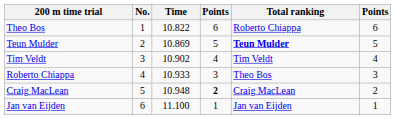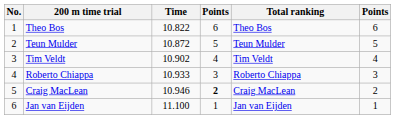 <table class="wikitable">
 <tr>
+<th width="20px">No.</th>
 <th width="200px">200 m time trial</th>
-<th width="20px">No.</th>
 <th width="70px">Time</th>
 <th width="40px">Points</th>
 <th width="200px">Total ranking</th>
 <th width="40px">Points</th>
 </tr>
 <tr align=center>
+<td>1</td>
 <td align=left> <a href='#'>Theo Bos</a></td>
-<td>1</td>
 <td>10.822</td>
 <td>6</td>
-<td align=left> <a href='#'>Roberto Chiappa</a></td>
+<td align=left> <a href='#'>Theo Bos</a></td>
 <td>6</td>
 </tr>
 <tr align=center>
+<td>2</td>
 <td align=left> <a href='#'>Teun Mulder</a></td>
-<td>2</td>
-<td>10.869</td>
+<td>10.872</td>
 <td>5</td>
-<td align=left><strong> <a href='#'>Teun Mulder</a></strong></td>
+<td align=left> <a href='#'>Teun Mulder</a></td>
 <td>5</td>
 </tr>
 <tr align=center>
+<td>3</td>
 <td align=left> <a href='#'>Tim Veldt</a></td>
-<td>3</td>
 <td>10.902</td>
 <td>4</td>
 <td align=left> <a href='#'>Tim Veldt</a></td>
 <td>4</td>
 </tr>
 <tr align=center>
+<td>4</td>
 <td align=left> <a href='#'>Roberto Chiappa</a></td>
-<td>4</td>
 <td>10.933</td>
 <td>3</td>
-<td align=left> <a href='#'>Theo Bos</a></td>
+<td align=left> <a href='#'>Roberto Chiappa</a></td>
 <td>3</td>
 </tr>
 <tr align=center>
+<td>5</td>
 <td align=left> <a href='#'>Craig MacLean</a></td>
-<td>5</td>
-<td>10.948</td>
+<td>10.946</td>
 <td><strong>2</strong></td>
 <td align=left> <a href='#'>Craig MacLean</a></td>
 <td>2</td>
 </tr>
 <tr align=center>
+<td>6</td>
 <td align=left> <a href='#'>Jan van Eijden</a></td>
-<td>6</td>
 <td>11.100</td>
 <td>1</td>
 <td align=left> <a href='#'>Jan van Eijden</a></td>
 <td>1</td>
 </tr>
 </table>
